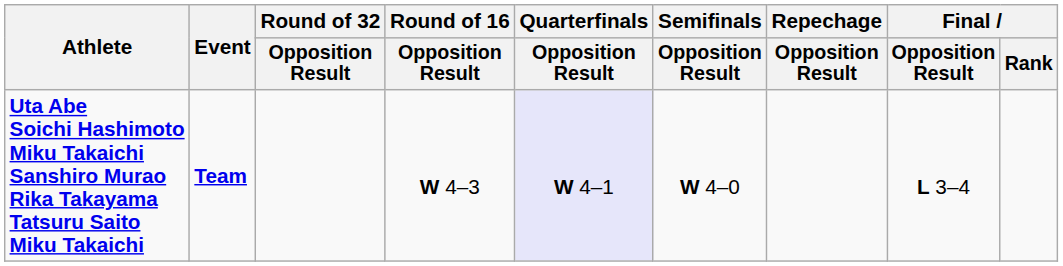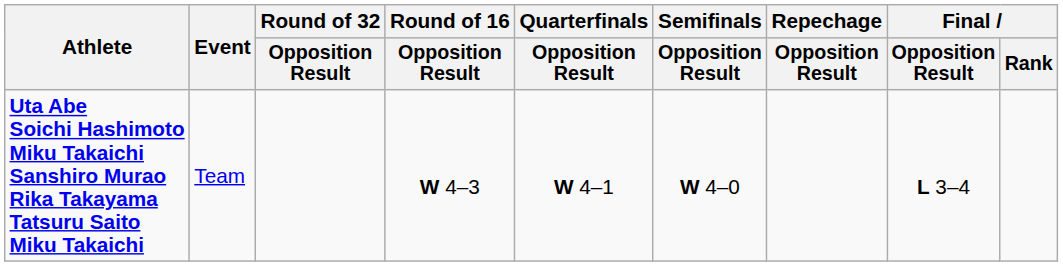 <table class="wikitable" style="font-size:90%">
 <tr>
 <th rowspan="2">Athlete</th>
 <th rowspan="2">Event</th>
 <th>Round of 32</th>
 <th>Round of 16</th>
 <th>Quarterfinals</th>
 <th>Semifinals</th>
 <th>Repechage</th>
 <th colspan=2>Final / </th>
 </tr>
 <tr style="font-size:95%">
 <th>Opposition<br>Result</th>
 <th>Opposition<br>Result</th>
 <th>Opposition<br>Result</th>
 <th>Opposition<br>Result</th>
 <th>Opposition<br>Result</th>
 <th>Opposition<br>Result</th>
 <th>Rank</th>
 </tr>
 <tr align=center>
 <td align=left><strong><a href='#'>Uta Abe</a><br><a href='#'>Soichi Hashimoto</a><br><a href='#'>Miku Takaichi</a><br><a href='#'>Sanshiro Murao</a><br><a href='#'>Rika Takayama</a><br><a href='#'>Tatsuru Saito</a><br><a href='#'>Miku Takaichi</a></strong></td>
-<td align=left><strong><a href='#'>Team</a></strong></td>
+<td align=left><a href='#'>Team</a></td>
 <td></td>
 <td><br><strong>W</strong> 4–3</td>
-<td style="background: lavender;"><br><strong>W</strong> 4–1</td>
+<td><br><strong>W</strong> 4–1</td>
 <td><br><strong>W</strong> 4–0</td>
 <td></td>
 <td><br><strong>L</strong> 3–4</td>
 <td></td>
 </tr>
 </table>
